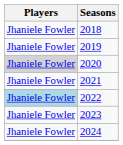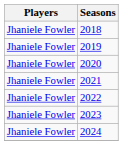 <table class="wikitable collapsible">
 <tr>
 <th>Players</th>
 <th>Seasons</th>
 </tr>
 <tr>
 <td><a href='#'>Jhaniele Fowler</a></td>
 <td><a href='#'>2018</a></td>
 </tr>
 <tr>
 <td><a href='#'>Jhaniele Fowler</a></td>
 <td><a href='#'>2019</a></td>
 </tr>
 <tr>
-<td style="background: lightgrey;"><a href='#'>Jhaniele Fowler</a></td>
+<td><a href='#'>Jhaniele Fowler</a></td>
 <td><a href='#'>2020</a></td>
 </tr>
 <tr>
 <td><a href='#'>Jhaniele Fowler</a></td>
 <td><a href='#'>2021</a></td>
 </tr>
 <tr>
-<td style="background: lightblue;"><a href='#'>Jhaniele Fowler</a></td>
+<td><a href='#'>Jhaniele Fowler</a></td>
 <td><a href='#'>2022</a></td>
 </tr>
 <tr>
 <td><a href='#'>Jhaniele Fowler</a></td>
 <td><a href='#'>2023</a></td>
 </tr>
 <tr>
 <td><a href='#'>Jhaniele Fowler</a></td>
 <td><a href='#'>2024</a></td>
 </tr>
 <tr>
 </tr>
 </table>
